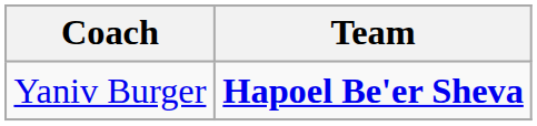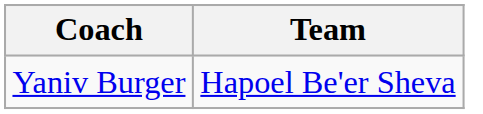 <table class="wikitable">
 <tr>
 <th align="center">Coach</th>
 <th align="center">Team</th>
 </tr>
 <tr>
 <td> <a href='#'>Yaniv Burger</a></td>
-<td><strong><a href='#'>Hapoel Be'er Sheva</a></strong></td>
+<td><a href='#'>Hapoel Be'er Sheva</a></td>
 </tr>
 </table>
